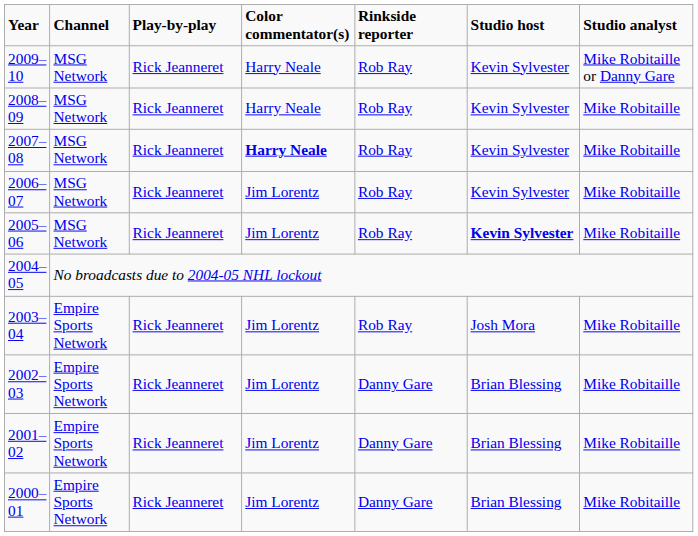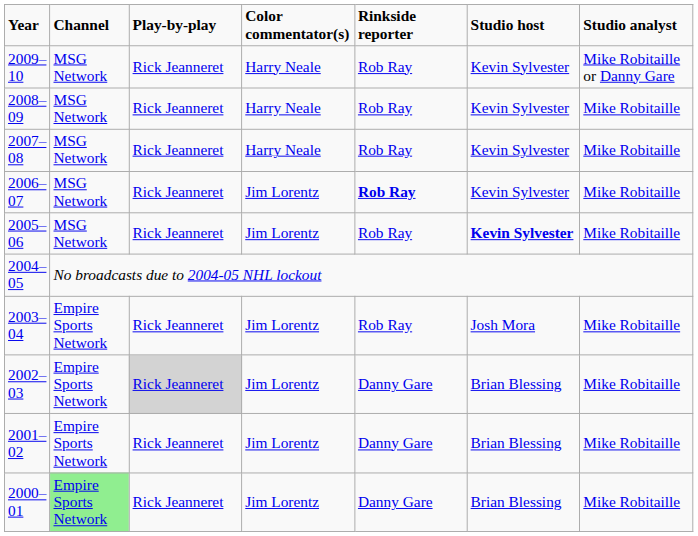 <table class="wikitable">
 <tr>
 <td width="40"><strong>Year</strong></td>
 <td width="75"><strong>Channel</strong></td>
 <td width="110"><strong>Play-by-play</strong></td>
 <td width="110"><strong>Color commentator(s)</strong></td>
 <td width="110"><strong>Rinkside reporter</strong></td>
 <td width="110"><strong>Studio host</strong></td>
 <td width="110"><strong>Studio analyst</strong></td>
 </tr>
 <tr>
 <td><a href='#'>2009–10</a></td>
 <td><a href='#'>MSG Network</a></td>
 <td><a href='#'>Rick Jeanneret</a></td>
 <td><a href='#'>Harry Neale</a></td>
 <td><a href='#'>Rob Ray</a></td>
 <td><a href='#'>Kevin Sylvester</a></td>
 <td><a href='#'>Mike Robitaille</a> or <a href='#'>Danny Gare</a></td>
 </tr>
 <tr>
 <td><a href='#'>2008–09</a></td>
 <td><a href='#'>MSG Network</a></td>
 <td><a href='#'>Rick Jeanneret</a></td>
 <td><a href='#'>Harry Neale</a></td>
 <td><a href='#'>Rob Ray</a></td>
 <td><a href='#'>Kevin Sylvester</a></td>
 <td><a href='#'>Mike Robitaille</a></td>
 </tr>
 <tr>
 <td><a href='#'>2007–08</a></td>
 <td><a href='#'>MSG Network</a></td>
 <td><a href='#'>Rick Jeanneret</a></td>
-<td><strong><a href='#'>Harry Neale</a></strong></td>
+<td><a href='#'>Harry Neale</a></td>
 <td><a href='#'>Rob Ray</a></td>
 <td><a href='#'>Kevin Sylvester</a></td>
 <td><a href='#'>Mike Robitaille</a></td>
 </tr>
 <tr>
 <td><a href='#'>2006–07</a></td>
 <td><a href='#'>MSG Network</a></td>
 <td><a href='#'>Rick Jeanneret</a></td>
 <td><a href='#'>Jim Lorentz</a></td>
-<td><a href='#'>Rob Ray</a></td>
+<td><strong><a href='#'>Rob Ray</a></strong></td>
 <td><a href='#'>Kevin Sylvester</a></td>
 <td><a href='#'>Mike Robitaille</a></td>
 </tr>
 <tr>
 <td><a href='#'>2005–06</a></td>
 <td><a href='#'>MSG Network</a></td>
 <td><a href='#'>Rick Jeanneret</a></td>
 <td><a href='#'>Jim Lorentz</a></td>
 <td><a href='#'>Rob Ray</a></td>
 <td><strong><a href='#'>Kevin Sylvester</a></strong></td>
 <td><a href='#'>Mike Robitaille</a></td>
 </tr>
 <tr>
 <td><a href='#'>2004–05</a></td>
 <td colspan=6><em>No broadcasts due to <a href='#'>2004-05 NHL lockout</a></em></td>
 </tr>
 <tr>
 <td><a href='#'>2003–04</a></td>
 <td><a href='#'>Empire Sports Network</a></td>
 <td><a href='#'>Rick Jeanneret</a></td>
 <td><a href='#'>Jim Lorentz</a></td>
 <td><a href='#'>Rob Ray</a></td>
 <td><a href='#'>Josh Mora</a></td>
 <td><a href='#'>Mike Robitaille</a></td>
 </tr>
 <tr>
 <td><a href='#'>2002–03</a></td>
 <td><a href='#'>Empire Sports Network</a></td>
-<td><a href='#'>Rick Jeanneret</a></td>
+<td style="background: lightgrey;"><a href='#'>Rick Jeanneret</a></td>
 <td><a href='#'>Jim Lorentz</a></td>
 <td><a href='#'>Danny Gare</a></td>
 <td><a href='#'>Brian Blessing</a></td>
 <td><a href='#'>Mike Robitaille</a></td>
 </tr>
 <tr>
 <td><a href='#'>2001–02</a></td>
 <td><a href='#'>Empire Sports Network</a></td>
 <td><a href='#'>Rick Jeanneret</a></td>
 <td><a href='#'>Jim Lorentz</a></td>
 <td><a href='#'>Danny Gare</a></td>
 <td><a href='#'>Brian Blessing</a></td>
 <td><a href='#'>Mike Robitaille</a></td>
 </tr>
 <tr>
 <td><a href='#'>2000–01</a></td>
-<td><a href='#'>Empire Sports Network</a></td>
+<td style="background: lightgreen;"><a href='#'>Empire Sports Network</a></td>
 <td><a href='#'>Rick Jeanneret</a></td>
 <td><a href='#'>Jim Lorentz</a></td>
 <td><a href='#'>Danny Gare</a></td>
 <td><a href='#'>Brian Blessing</a></td>
 <td><a href='#'>Mike Robitaille</a></td>
 </tr>
 </table>
